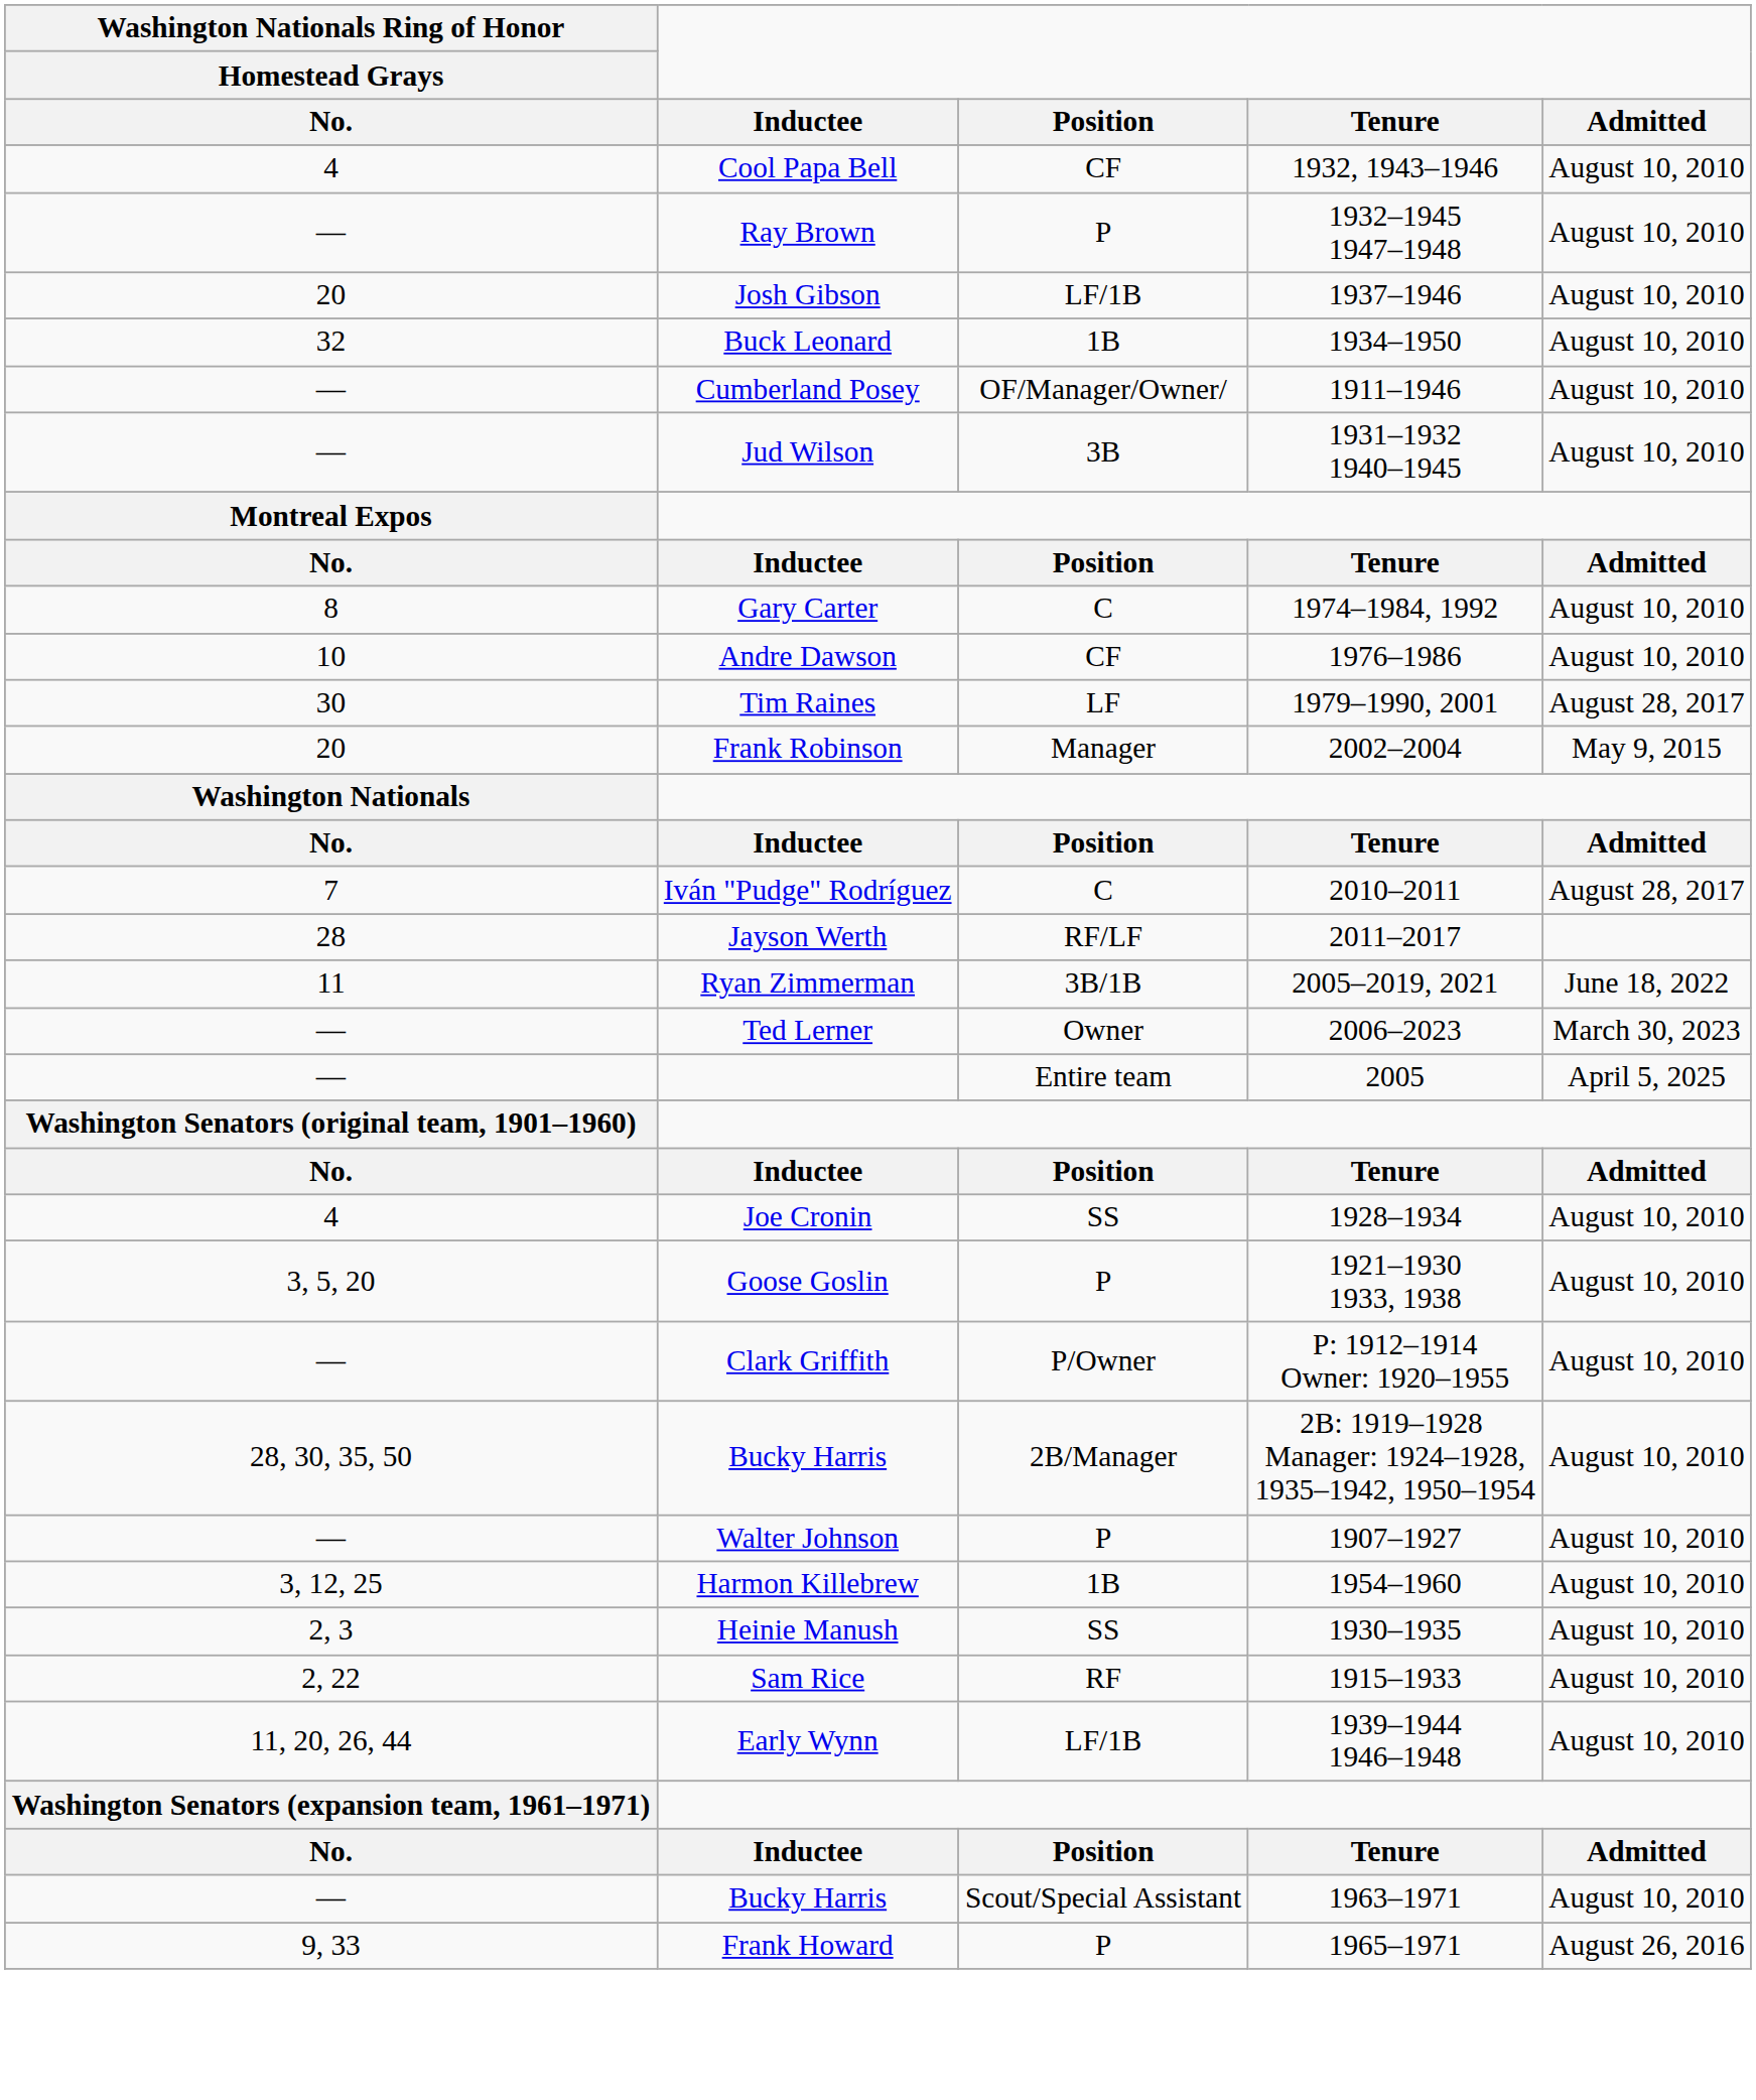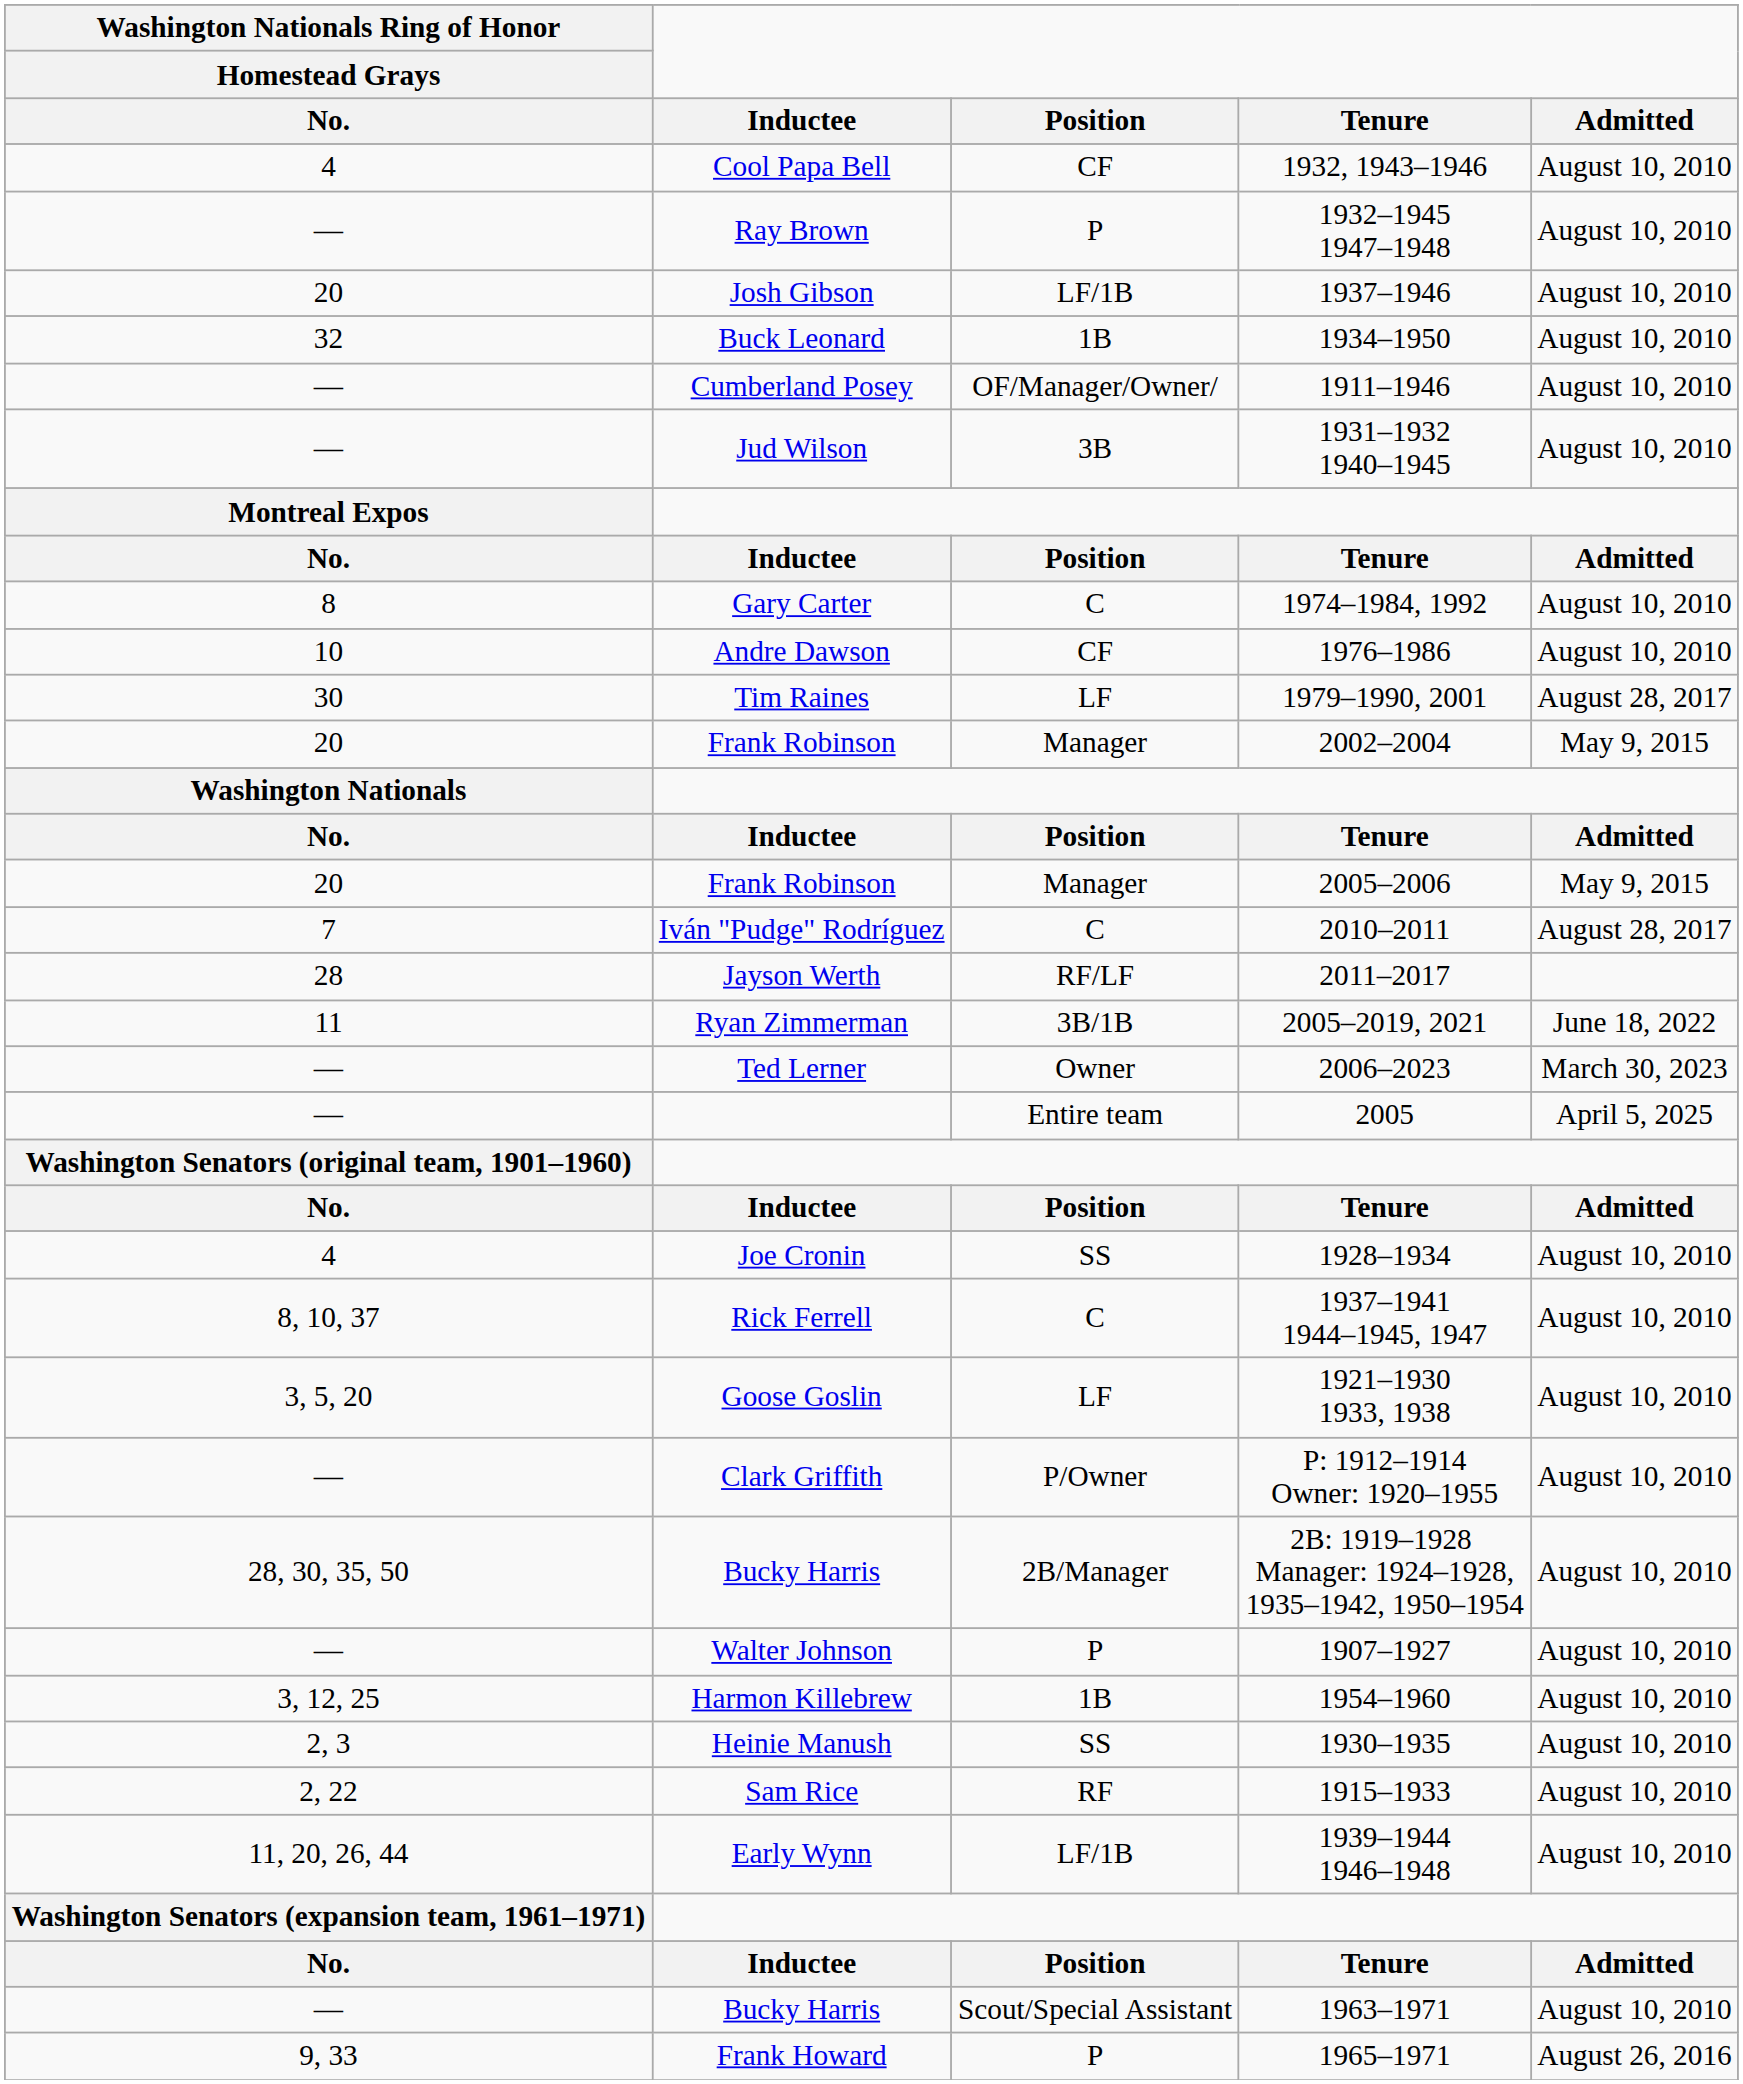 <table class="wikitable" style="text-align:center">
 <tr>
 <th>Washington Nationals Ring of Honor</th>
 </tr>
 <tr>
 <th>Homestead Grays</th>
 </tr>
 <tr>
 <th>No.</th>
 <th>Inductee</th>
 <th>Position</th>
 <th>Tenure</th>
 <th>Admitted</th>
 </tr>
 <tr>
 <td>4</td>
 <td><a href='#'>Cool Papa Bell</a></td>
 <td>CF</td>
 <td>1932, 1943–1946</td>
 <td>August 10, 2010</td>
 </tr>
 <tr>
 <td>—</td>
 <td><a href='#'>Ray Brown</a></td>
 <td>P</td>
 <td>1932–1945<br>1947–1948</td>
 <td>August 10, 2010</td>
 </tr>
 <tr>
 <td>20</td>
 <td><a href='#'>Josh Gibson</a></td>
 <td>LF/1B</td>
 <td>1937–1946</td>
 <td>August 10, 2010</td>
 </tr>
 <tr>
 <td>32</td>
 <td><a href='#'>Buck Leonard</a></td>
 <td>1B</td>
 <td>1934–1950</td>
 <td>August 10, 2010</td>
 </tr>
 <tr>
 <td>—</td>
 <td><a href='#'>Cumberland Posey</a></td>
 <td>OF/Manager/Owner/</td>
 <td>1911–1946</td>
 <td>August 10, 2010</td>
 </tr>
 <tr>
 <td>—</td>
 <td><a href='#'>Jud Wilson</a></td>
 <td>3B</td>
 <td>1931–1932<br>1940–1945</td>
 <td>August 10, 2010</td>
 </tr>
 <tr>
 <th>Montreal Expos</th>
 </tr>
 <tr>
 <th>No.</th>
 <th>Inductee</th>
 <th>Position</th>
 <th>Tenure</th>
 <th>Admitted</th>
 </tr>
 <tr>
 <td>8</td>
 <td><a href='#'>Gary Carter</a></td>
 <td>C</td>
 <td>1974–1984, 1992</td>
 <td>August 10, 2010</td>
 </tr>
 <tr>
 <td>10</td>
 <td><a href='#'>Andre Dawson</a></td>
 <td>CF</td>
 <td>1976–1986</td>
 <td>August 10, 2010</td>
 </tr>
 <tr>
 <td>30</td>
 <td><a href='#'>Tim Raines</a></td>
 <td>LF</td>
 <td>1979–1990, 2001</td>
 <td>August 28, 2017</td>
 </tr>
 <tr>
 <td>20</td>
 <td><a href='#'>Frank Robinson</a></td>
 <td>Manager</td>
 <td>2002–2004</td>
 <td>May 9, 2015</td>
 </tr>
 <tr>
 <th>Washington Nationals</th>
 </tr>
 <tr>
 <th>No.</th>
 <th>Inductee</th>
 <th>Position</th>
 <th>Tenure</th>
 <th>Admitted</th>
 </tr>
 <tr>
+<td>20</td>
+<td><a href='#'>Frank Robinson</a></td>
+<td>Manager</td>
+<td>2005–2006</td>
+<td>May 9, 2015</td>
+</tr>
+<tr>
 <td>7</td>
 <td><a href='#'>Iván "Pudge" Rodríguez</a></td>
 <td>C</td>
 <td>2010–2011</td>
 <td>August 28, 2017</td>
 </tr>
 <tr>
 <td>28</td>
 <td><a href='#'>Jayson Werth</a></td>
 <td>RF/LF</td>
 <td>2011–2017</td>
 <td></td>
 </tr>
 <tr>
 <td>11</td>
 <td><a href='#'>Ryan Zimmerman</a></td>
 <td>3B/1B</td>
 <td>2005–2019, 2021</td>
 <td>June 18, 2022</td>
 </tr>
 <tr>
 <td>—</td>
 <td><a href='#'>Ted Lerner</a></td>
 <td>Owner</td>
 <td>2006–2023</td>
 <td>March 30, 2023</td>
 </tr>
 <tr>
 <td>—</td>
 <td></td>
 <td>Entire team</td>
 <td>2005</td>
 <td>April 5, 2025</td>
 </tr>
 <tr>
 <th>Washington Senators (original team, 1901–1960)</th>
 </tr>
 <tr>
 <th>No.</th>
 <th>Inductee</th>
 <th>Position</th>
 <th>Tenure</th>
 <th>Admitted</th>
 </tr>
 <tr>
 <td>4</td>
 <td><a href='#'>Joe Cronin</a></td>
 <td>SS</td>
 <td>1928–1934</td>
 <td>August 10, 2010</td>
 </tr>
 <tr>
+<td>8, 10, 37</td>
+<td><a href='#'>Rick Ferrell</a></td>
+<td>C</td>
+<td>1937–1941<br>1944–1945, 1947</td>
+<td>August 10, 2010</td>
+</tr>
+<tr>
 <td>3, 5, 20</td>
 <td><a href='#'>Goose Goslin</a></td>
-<td>P</td>
+<td>LF</td>
 <td>1921–1930<br>1933, 1938</td>
 <td>August 10, 2010</td>
 </tr>
 <tr>
 <td>—</td>
 <td><a href='#'>Clark Griffith</a></td>
 <td>P/Owner</td>
 <td>P: 1912–1914<br>Owner: 1920–1955</td>
 <td>August 10, 2010</td>
 </tr>
 <tr>
 <td>28, 30, 35, 50</td>
 <td><a href='#'>Bucky Harris</a></td>
 <td>2B/Manager</td>
 <td>2B: 1919–1928 <br>Manager: 1924–1928,<br>1935–1942, 1950–1954</td>
 <td>August 10, 2010</td>
 </tr>
 <tr>
 <td>—</td>
 <td><a href='#'>Walter Johnson</a></td>
 <td>P</td>
 <td>1907–1927</td>
 <td>August 10, 2010</td>
 </tr>
 <tr>
 <td>3, 12, 25</td>
 <td><a href='#'>Harmon Killebrew</a></td>
 <td>1B</td>
 <td>1954–1960</td>
 <td>August 10, 2010</td>
 </tr>
 <tr>
 <td>2, 3</td>
 <td><a href='#'>Heinie Manush</a></td>
 <td>SS</td>
 <td>1930–1935</td>
 <td>August 10, 2010</td>
 </tr>
 <tr>
 <td>2, 22</td>
 <td><a href='#'>Sam Rice</a></td>
 <td>RF</td>
 <td>1915–1933</td>
 <td>August 10, 2010</td>
 </tr>
 <tr>
 <td>11, 20, 26, 44</td>
 <td><a href='#'>Early Wynn</a></td>
 <td>LF/1B</td>
 <td>1939–1944<br>1946–1948</td>
 <td>August 10, 2010</td>
 </tr>
 <tr>
 <th>Washington Senators (expansion team, 1961–1971)</th>
 </tr>
 <tr>
 <th>No.</th>
 <th>Inductee</th>
 <th>Position</th>
 <th>Tenure</th>
 <th>Admitted</th>
 </tr>
 <tr>
 <td>—</td>
 <td><a href='#'>Bucky Harris</a></td>
 <td>Scout/Special Assistant</td>
 <td>1963–1971</td>
 <td>August 10, 2010</td>
 </tr>
 <tr>
 <td>9, 33</td>
 <td><a href='#'>Frank Howard</a></td>
 <td>P</td>
 <td>1965–1971</td>
 <td>August 26, 2016</td>
 </tr>
 </table>
